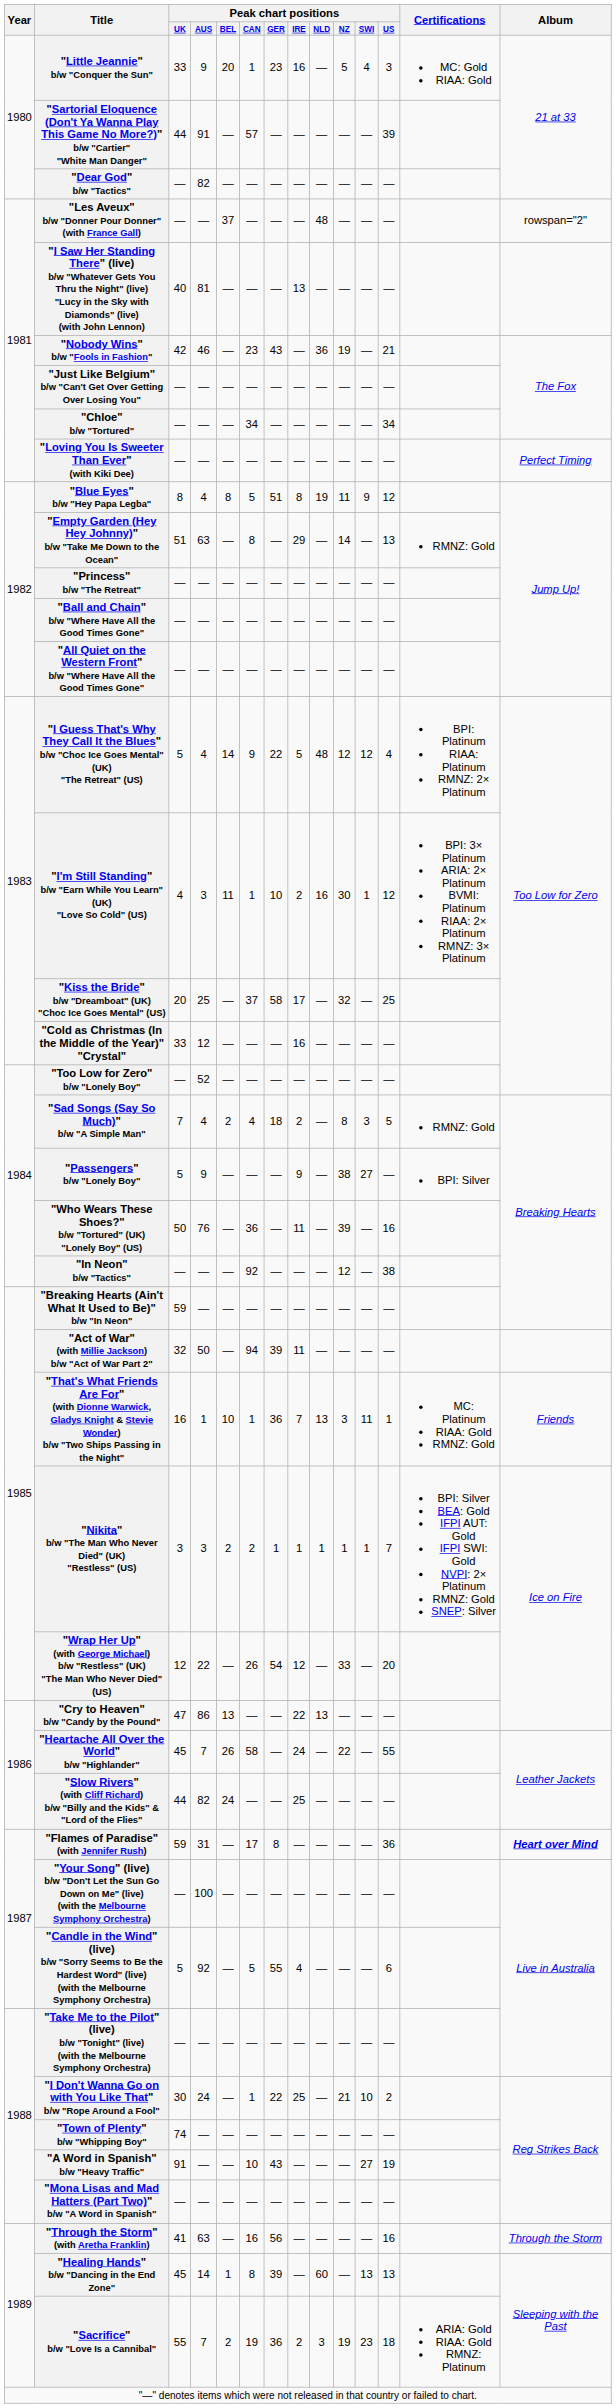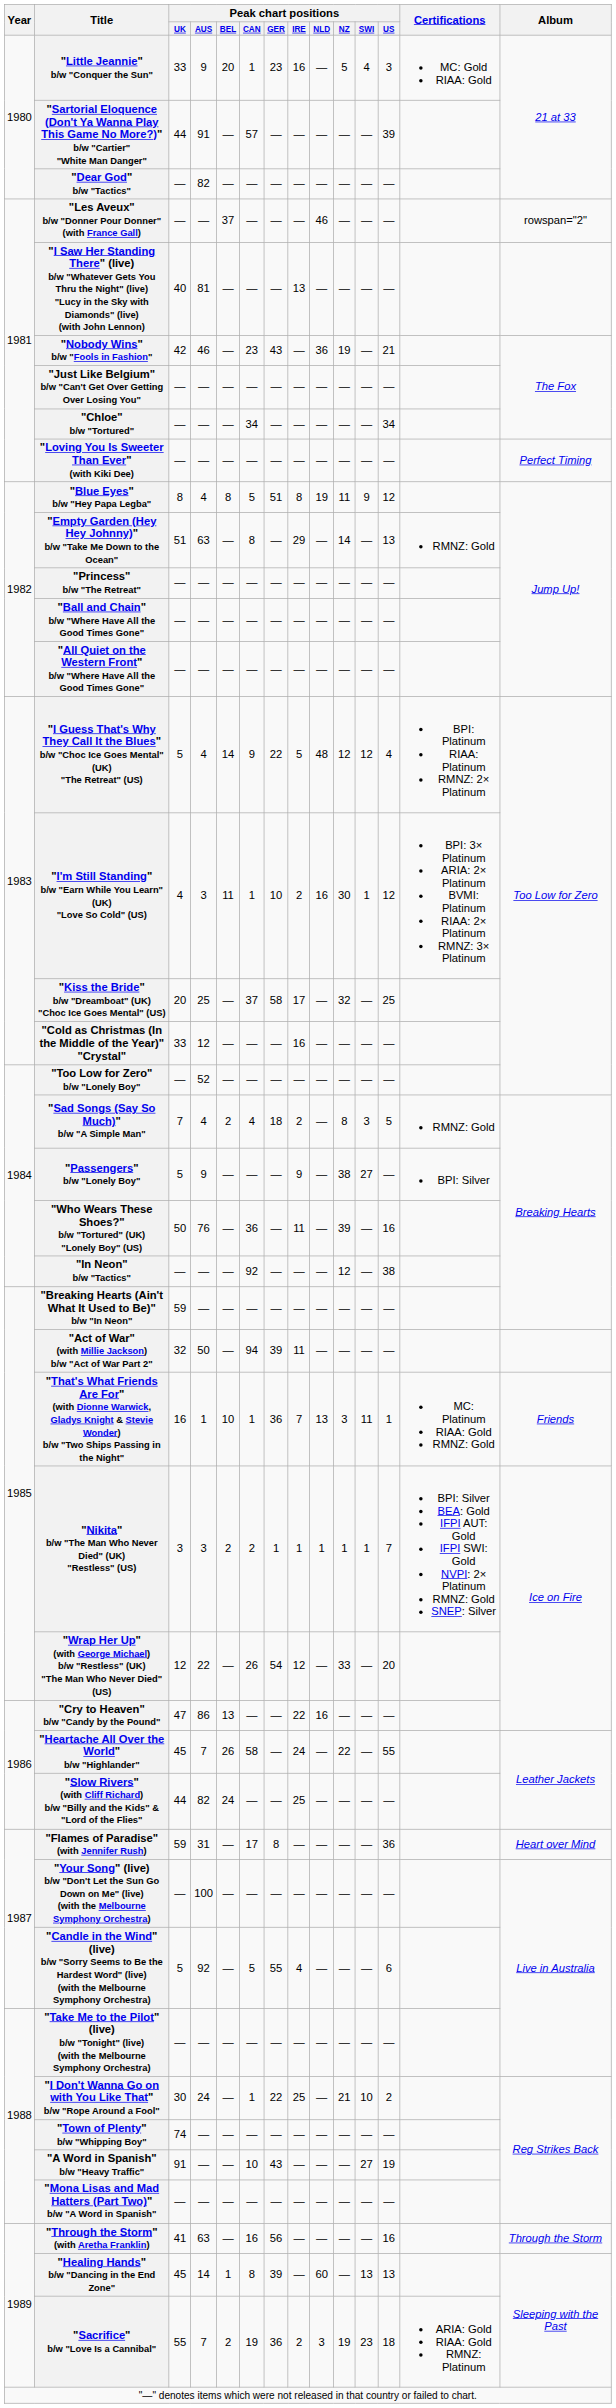 <table class="wikitable plainrowheaders" style="text-align:center;">
 <tr>
 <th scope="col" rowspan="2" style="width:1em;">Year</th>
 <th scope="col" rowspan="2" style="width:20em;">Title</th>
 <th scope="col" colspan="10">Peak chart positions</th>
 <th scope="col" rowspan="2" style="width:12em;"><a href='#'>Certifications</a></th>
 <th scope="col" rowspan="2" style="width:16em;">Album</th>
 </tr>
 <tr style="font-size:small;">
 <th scope="col" style="width:3em;font-size:90%"><a href='#'>UK</a><br></th>
 <th scope="col" style="width:3em;font-size:90%"><a href='#'>AUS</a><br></th>
 <th scope="col" style="width:3em;font-size:90%"><a href='#'>BEL</a><br></th>
 <th scope="col" style="width:3em;font-size:90%"><a href='#'>CAN</a><br></th>
 <th scope="col" style="width:3em;font-size:90%"><a href='#'>GER</a><br></th>
 <th scope="col" style="width:3em;font-size:90%"><a href='#'>IRE</a><br></th>
 <th scope="col" style="width:3em;font-size:90%"><a href='#'>NLD</a><br></th>
 <th scope="col" style="width:3em;font-size:90%"><a href='#'>NZ</a><br></th>
 <th scope="col" style="width:3em;font-size:90%"><a href='#'>SWI</a><br></th>
 <th scope="col" style="width:3em;font-size:90%"><a href='#'>US</a><br></th>
 </tr>
 <tr>
 <td rowspan="3">1980</td>
 <th scope="row">"<a href='#'>Little Jeannie</a>"<br><small>b/w "Conquer the Sun"</small></th>
 <td>33</td>
 <td>9</td>
 <td>20</td>
 <td>1</td>
 <td>23</td>
 <td>16</td>
 <td>—</td>
 <td>5</td>
 <td>4</td>
 <td>3</td>
 <td><br><ul><li>MC: Gold</li><li>RIAA: Gold</li></ul></td>
 <td rowspan="3"><em><a href='#'>21 at 33</a></em></td>
 </tr>
 <tr>
 <th scope="row">"<a href='#'>Sartorial Eloquence (Don't Ya Wanna Play This Game No More?)</a>"<br><small>b/w "Cartier"<br>"White Man Danger"</small></th>
 <td>44</td>
 <td>91</td>
 <td>—</td>
 <td>57</td>
 <td>—</td>
 <td>—</td>
 <td>—</td>
 <td>—</td>
 <td>—</td>
 <td>39</td>
 <td></td>
 </tr>
 <tr>
 <th scope="row">"<a href='#'>Dear God</a>"<br><small>b/w "Tactics"</small></th>
 <td>—</td>
 <td>82</td>
 <td>—</td>
 <td>—</td>
 <td>—</td>
 <td>—</td>
 <td>—</td>
 <td>—</td>
 <td>—</td>
 <td>—</td>
 <td></td>
 </tr>
 <tr>
 <td rowspan="6">1981</td>
 <th scope="row">"Les Aveux"<br><small>b/w "Donner Pour Donner" <br>(with <a href='#'>France Gall</a>)</small></th>
 <td>—</td>
 <td>—</td>
 <td>37</td>
 <td>—</td>
 <td>—</td>
 <td>—</td>
-<td>48</td>
+<td>46</td>
 <td>—</td>
 <td>—</td>
 <td>—</td>
 <td></td>
 <td>rowspan="2" </td>
 </tr>
 <tr>
 <th scope="row">"<a href='#'>I Saw Her Standing There</a>" (live) <br><small>b/w "Whatever Gets You Thru the Night" (live)<br>"Lucy in the Sky with Diamonds" (live)<br>(with John Lennon)</small></th>
 <td>40</td>
 <td>81</td>
 <td>—</td>
 <td>—</td>
 <td>—</td>
 <td>13</td>
 <td>—</td>
 <td>—</td>
 <td>—</td>
 <td>—</td>
 <td></td>
 </tr>
 <tr>
 <th scope="row">"<a href='#'>Nobody Wins</a>"<br><small>b/w "<a href='#'>Fools in Fashion</a>"</small></th>
 <td>42</td>
 <td>46</td>
 <td>—</td>
 <td>23</td>
 <td>43</td>
 <td>—</td>
 <td>36</td>
 <td>19</td>
 <td>—</td>
 <td>21</td>
 <td></td>
 <td rowspan="3"><em><a href='#'>The Fox</a></em></td>
 </tr>
 <tr>
 <th scope="row">"Just Like Belgium"<br><small>b/w "Can't Get Over Getting Over Losing You"</small></th>
 <td>—</td>
 <td>—</td>
 <td>—</td>
 <td>—</td>
 <td>—</td>
 <td>—</td>
 <td>—</td>
 <td>—</td>
 <td>—</td>
 <td>—</td>
 <td></td>
 </tr>
 <tr>
 <th scope="row">"Chloe"<br><small>b/w "Tortured"</small></th>
 <td>—</td>
 <td>—</td>
 <td>—</td>
 <td>34</td>
 <td>—</td>
 <td>—</td>
 <td>—</td>
 <td>—</td>
 <td>—</td>
 <td>34</td>
 <td></td>
 </tr>
 <tr>
 <th scope="row">"<a href='#'>Loving You Is Sweeter Than Ever</a>" <br><small>(with Kiki Dee)</small></th>
 <td>—</td>
 <td>—</td>
 <td>—</td>
 <td>—</td>
 <td>—</td>
 <td>—</td>
 <td>—</td>
 <td>—</td>
 <td>—</td>
 <td>—</td>
 <td></td>
 <td><em><a href='#'>Perfect Timing</a></em></td>
 </tr>
 <tr>
 <td rowspan="5">1982</td>
 <th scope="row">"<a href='#'>Blue Eyes</a>"<br><small>b/w "Hey Papa Legba"</small></th>
 <td>8</td>
 <td>4</td>
 <td>8</td>
 <td>5</td>
 <td>51</td>
 <td>8</td>
 <td>19</td>
 <td>11</td>
 <td>9</td>
 <td>12</td>
 <td></td>
 <td rowspan="5"><em><a href='#'>Jump Up!</a></em></td>
 </tr>
 <tr>
 <th scope="row">"<a href='#'>Empty Garden (Hey Hey Johnny)</a>"<br><small>b/w "Take Me Down to the Ocean"</small></th>
 <td>51</td>
 <td>63</td>
 <td>—</td>
 <td>8</td>
 <td>—</td>
 <td>29</td>
 <td>—</td>
 <td>14</td>
 <td>—</td>
 <td>13</td>
 <td><br><ul><li>RMNZ: Gold</li></ul></td>
 </tr>
 <tr>
 <th scope="row">"Princess"<br><small>b/w "The Retreat"</small></th>
 <td>—</td>
 <td>—</td>
 <td>—</td>
 <td>—</td>
 <td>—</td>
 <td>—</td>
 <td>—</td>
 <td>—</td>
 <td>—</td>
 <td>—</td>
 <td></td>
 </tr>
 <tr>
 <th scope="row">"<a href='#'>Ball and Chain</a>"<br><small>b/w "Where Have All the Good Times Gone"</small></th>
 <td>—</td>
 <td>—</td>
 <td>—</td>
 <td>—</td>
 <td>—</td>
 <td>—</td>
 <td>—</td>
 <td>—</td>
 <td>—</td>
 <td>—</td>
 <td></td>
 </tr>
 <tr>
 <th scope="row">"<a href='#'>All Quiet on the Western Front</a>"<br><small>b/w "Where Have All the Good Times Gone"</small></th>
 <td>—</td>
 <td>—</td>
 <td>—</td>
 <td>—</td>
 <td>—</td>
 <td>—</td>
 <td>—</td>
 <td>—</td>
 <td>—</td>
 <td>—</td>
 <td></td>
 </tr>
 <tr>
 <td rowspan="4">1983</td>
 <th scope="row">"<a href='#'>I Guess That's Why They Call It the Blues</a>"<br><small>b/w "Choc Ice Goes Mental" (UK)<br>"The Retreat" (US)</small></th>
 <td>5</td>
 <td>4</td>
 <td>14</td>
 <td>9</td>
 <td>22</td>
 <td>5</td>
 <td>48</td>
 <td>12</td>
 <td>12</td>
 <td>4</td>
 <td><br><ul><li>BPI: Platinum</li><li>RIAA: Platinum</li><li>RMNZ: 2× Platinum</li></ul></td>
 <td rowspan="5"><em><a href='#'>Too Low for Zero</a></em></td>
 </tr>
 <tr>
 <th scope="row">"<a href='#'>I'm Still Standing</a>"<br><small>b/w "Earn While You Learn" (UK)<br>"Love So Cold" (US)</small></th>
 <td>4</td>
 <td>3</td>
 <td>11</td>
 <td>1</td>
 <td>10</td>
 <td>2</td>
 <td>16</td>
 <td>30</td>
 <td>1</td>
 <td>12</td>
 <td><br><ul><li>BPI: 3× Platinum</li><li>ARIA: 2× Platinum</li><li>BVMI: Platinum</li><li>RIAA: 2× Platinum </li><li>RMNZ: 3× Platinum</li></ul></td>
 </tr>
 <tr>
 <th scope="row">"<a href='#'>Kiss the Bride</a>"<br><small>b/w "Dreamboat" (UK)<br>"Choc Ice Goes Mental" (US)</small></th>
 <td>20</td>
 <td>25</td>
 <td>—</td>
 <td>37</td>
 <td>58</td>
 <td>17</td>
 <td>—</td>
 <td>32</td>
 <td>—</td>
 <td>25</td>
 <td></td>
 </tr>
 <tr>
 <th scope="row">"Cold as Christmas (In the Middle of the Year)"<br>"Crystal"</th>
 <td>33</td>
 <td>12</td>
 <td>—</td>
 <td>—</td>
 <td>—</td>
 <td>16</td>
 <td>—</td>
 <td>—</td>
 <td>—</td>
 <td>—</td>
 <td></td>
 </tr>
 <tr>
 <td rowspan="5">1984</td>
 <th scope="row">"Too Low for Zero"<br><small>b/w "Lonely Boy"</small></th>
 <td>—</td>
 <td>52</td>
 <td>—</td>
 <td>—</td>
 <td>—</td>
 <td>—</td>
 <td>—</td>
 <td>—</td>
 <td>—</td>
 <td>—</td>
 <td></td>
 </tr>
 <tr>
 <th scope="row">"<a href='#'>Sad Songs (Say So Much)</a>"<br><small>b/w "A Simple Man"</small></th>
 <td>7</td>
 <td>4</td>
 <td>2</td>
 <td>4</td>
 <td>18</td>
 <td>2</td>
 <td>—</td>
 <td>8</td>
 <td>3</td>
 <td>5</td>
 <td><br><ul><li>RMNZ: Gold</li></ul></td>
 <td rowspan="5"><em><a href='#'>Breaking Hearts</a></em></td>
 </tr>
 <tr>
 <th scope="row">"<a href='#'>Passengers</a>"<br><small>b/w "Lonely Boy"</small></th>
 <td>5</td>
 <td>9</td>
 <td>—</td>
 <td>—</td>
 <td>—</td>
 <td>9</td>
 <td>—</td>
 <td>38</td>
 <td>27</td>
 <td>—</td>
 <td><br><ul><li>BPI: Silver</li></ul></td>
 </tr>
 <tr>
 <th scope="row">"Who Wears These Shoes?"<br><small>b/w "Tortured" (UK)<br>"Lonely Boy" (US)</small></th>
 <td>50</td>
 <td>76</td>
 <td>—</td>
 <td>36</td>
 <td>—</td>
 <td>11</td>
 <td>—</td>
 <td>39</td>
 <td>—</td>
 <td>16</td>
 <td></td>
 </tr>
 <tr>
 <th scope="row">"In Neon"<br><small>b/w "Tactics"</small></th>
 <td>—</td>
 <td>—</td>
 <td>—</td>
 <td>92</td>
 <td>—</td>
 <td>—</td>
 <td>—</td>
 <td>12</td>
 <td>—</td>
 <td>38</td>
 <td></td>
 </tr>
 <tr>
 <td rowspan="5">1985</td>
 <th scope="row">"Breaking Hearts (Ain't What It Used to Be)"<br><small>b/w "In Neon"</small></th>
 <td>59</td>
 <td>—</td>
 <td>—</td>
 <td>—</td>
 <td>—</td>
 <td>—</td>
 <td>—</td>
 <td>—</td>
 <td>—</td>
 <td>—</td>
 <td></td>
 </tr>
 <tr>
 <th scope="row">"Act of War"<br><small>(with <a href='#'>Millie Jackson</a>)<br>b/w "Act of War Part 2"</small></th>
 <td>32</td>
 <td>50</td>
 <td>—</td>
 <td>94</td>
 <td>39</td>
 <td>11</td>
 <td>—</td>
 <td>—</td>
 <td>—</td>
 <td>—</td>
 <td></td>
 <td></td>
 </tr>
 <tr>
 <th scope="row">"<a href='#'>That's What Friends Are For</a>" <br><small>(with <a href='#'>Dionne Warwick</a>, <a href='#'>Gladys Knight</a> & <a href='#'>Stevie Wonder</a>)<br>b/w "Two Ships Passing in the Night"</small></th>
 <td>16</td>
 <td>1</td>
 <td>10</td>
 <td>1</td>
 <td>36</td>
 <td>7</td>
 <td>13</td>
 <td>3</td>
 <td>11</td>
 <td>1</td>
 <td><br><ul><li>MC: Platinum</li><li>RIAA: Gold</li><li>RMNZ: Gold</li></ul></td>
 <td><em><a href='#'>Friends</a></em></td>
 </tr>
 <tr>
 <th scope="row">"<a href='#'>Nikita</a>"<br><small>b/w "The Man Who Never Died" (UK)<br>"Restless" (US)</small></th>
 <td>3</td>
 <td>3</td>
 <td>2</td>
 <td>2</td>
 <td>1</td>
 <td>1</td>
 <td>1</td>
 <td>1</td>
 <td>1</td>
 <td>7</td>
 <td><br><ul><li>BPI: Silver</li><li><a href='#'>BEA</a>: Gold</li><li><a href='#'>IFPI</a> AUT: Gold</li><li><a href='#'>IFPI</a> SWI: Gold</li><li><a href='#'>NVPI</a>: 2× Platinum</li><li>RMNZ: Gold</li><li><a href='#'>SNEP</a>: Silver</li></ul></td>
 <td rowspan="3"><em><a href='#'>Ice on Fire</a></em></td>
 </tr>
 <tr>
 <th scope="row">"<a href='#'>Wrap Her Up</a>"<br><small>(with <a href='#'>George Michael</a>)<br>b/w "Restless" (UK)<br>"The Man Who Never Died" (US)</small></th>
 <td>12</td>
 <td>22</td>
 <td>—</td>
 <td>26</td>
 <td>54</td>
 <td>12</td>
 <td>—</td>
 <td>33</td>
 <td>—</td>
 <td>20</td>
 <td></td>
 </tr>
 <tr>
 <td rowspan="3">1986</td>
 <th scope="row">"Cry to Heaven"<br><small>b/w "Candy by the Pound"</small></th>
 <td>47</td>
 <td>86</td>
 <td>13</td>
 <td>—</td>
 <td>—</td>
 <td>22</td>
-<td>13</td>
+<td>16</td>
 <td>—</td>
 <td>—</td>
 <td>—</td>
 <td></td>
 </tr>
 <tr>
 <th scope="row">"<a href='#'>Heartache All Over the World</a>"<br><small>b/w "Highlander"</small></th>
 <td>45</td>
 <td>7</td>
 <td>26</td>
 <td>58</td>
 <td>—</td>
 <td>24</td>
 <td>—</td>
 <td>22</td>
 <td>—</td>
 <td>55</td>
 <td></td>
 <td rowspan="2"><em><a href='#'>Leather Jackets</a></em></td>
 </tr>
 <tr>
 <th scope="row">"<a href='#'>Slow Rivers</a>"<br><small>(with <a href='#'>Cliff Richard</a>)<br>b/w "Billy and the Kids" & "Lord of the Flies"</small></th>
 <td>44</td>
 <td>82</td>
 <td>24</td>
 <td>—</td>
 <td>—</td>
 <td>25</td>
 <td>—</td>
 <td>—</td>
 <td>—</td>
 <td>—</td>
 <td></td>
 </tr>
 <tr>
 <td rowspan="3">1987</td>
 <th scope="row">"Flames of Paradise" <br><small>(with <a href='#'>Jennifer Rush</a>)</small></th>
 <td>59</td>
 <td>31</td>
 <td>—</td>
 <td>17</td>
 <td>8</td>
 <td>—</td>
 <td>—</td>
 <td>—</td>
 <td>—</td>
 <td>36</td>
 <td></td>
-<td><strong><em><a href='#'>Heart over Mind</a></em></strong></td>
+<td><em><a href='#'>Heart over Mind</a></em></td>
 </tr>
 <tr>
 <th scope="row">"<a href='#'>Your Song</a>" (live)<br><small>b/w "Don't Let the Sun Go Down on Me" (live)<br>(with the <a href='#'>Melbourne Symphony Orchestra</a>)</small></th>
 <td>—</td>
 <td>100</td>
 <td>—</td>
 <td>—</td>
 <td>—</td>
 <td>—</td>
 <td>—</td>
 <td>—</td>
 <td>—</td>
 <td>—</td>
 <td></td>
 <td rowspan="3"><em><a href='#'>Live in Australia</a></em></td>
 </tr>
 <tr>
 <th scope="row">"<a href='#'>Candle in the Wind</a>" (live)<br><small>b/w "Sorry Seems to Be the Hardest Word" (live)<br>(with the Melbourne Symphony Orchestra)</small></th>
 <td>5</td>
 <td>92</td>
 <td>—</td>
 <td>5</td>
 <td>55</td>
 <td>4</td>
 <td>—</td>
 <td>—</td>
 <td>—</td>
 <td>6</td>
 <td></td>
 </tr>
 <tr>
 <td rowspan="5">1988</td>
 <th scope="row">"<a href='#'>Take Me to the Pilot</a>" (live)<br><small>b/w "Tonight" (live)<br>(with the Melbourne Symphony Orchestra)</small></th>
 <td>—</td>
 <td>—</td>
 <td>—</td>
 <td>—</td>
 <td>—</td>
 <td>—</td>
 <td>—</td>
 <td>—</td>
 <td>—</td>
 <td>—</td>
 <td></td>
 </tr>
 <tr>
 <th scope="row">"<a href='#'>I Don't Wanna Go on with You Like That</a>"<br><small>b/w "Rope Around a Fool"</small></th>
 <td>30</td>
 <td>24</td>
 <td>—</td>
 <td>1</td>
 <td>22</td>
 <td>25</td>
 <td>—</td>
 <td>21</td>
 <td>10</td>
 <td>2</td>
 <td></td>
 <td rowspan="4"><em><a href='#'>Reg Strikes Back</a></em></td>
 </tr>
 <tr>
 <th scope="row">"<a href='#'>Town of Plenty</a>"<br><small>b/w "Whipping Boy"</small></th>
 <td>74</td>
 <td>—</td>
 <td>—</td>
 <td>—</td>
 <td>—</td>
 <td>—</td>
 <td>—</td>
 <td>—</td>
 <td>—</td>
 <td>—</td>
 <td></td>
 </tr>
 <tr>
 <th scope="row">"A Word in Spanish"<br><small>b/w "Heavy Traffic"</small></th>
 <td>91</td>
 <td>—</td>
 <td>—</td>
 <td>10</td>
 <td>43</td>
 <td>—</td>
 <td>—</td>
 <td>—</td>
 <td>27</td>
 <td>19</td>
 <td></td>
 </tr>
 <tr>
 <th scope="row">"<a href='#'>Mona Lisas and Mad Hatters (Part Two)</a>"<br><small>b/w "A Word in Spanish"</small></th>
 <td>—</td>
 <td>—</td>
 <td>—</td>
 <td>—</td>
 <td>—</td>
 <td>—</td>
 <td>—</td>
 <td>—</td>
 <td>—</td>
 <td>—</td>
 <td></td>
 </tr>
 <tr>
 <td rowspan="3">1989</td>
 <th scope="row">"<a href='#'>Through the Storm</a>" <br><small>(with <a href='#'>Aretha Franklin</a>)</small></th>
 <td>41</td>
 <td>63</td>
 <td>—</td>
 <td>16</td>
 <td>56</td>
 <td>—</td>
 <td>—</td>
 <td>—</td>
 <td>—</td>
 <td>16</td>
 <td></td>
 <td><em><a href='#'>Through the Storm</a></em></td>
 </tr>
 <tr>
 <th scope="row">"<a href='#'>Healing Hands</a>"<br><small>b/w "Dancing in the End Zone"</small></th>
 <td>45</td>
 <td>14</td>
 <td>1</td>
 <td>8</td>
 <td>39</td>
 <td>—</td>
 <td>60</td>
 <td>—</td>
 <td>13</td>
 <td>13</td>
 <td></td>
 <td rowspan="2"><em><a href='#'>Sleeping with the Past</a></em></td>
 </tr>
 <tr>
 <th scope="row">"<a href='#'>Sacrifice</a>"<br><small>b/w "Love Is a Cannibal"</small></th>
 <td>55</td>
 <td>7</td>
 <td>2</td>
 <td>19</td>
 <td>36</td>
 <td>2</td>
 <td>3</td>
 <td>19</td>
 <td>23</td>
 <td>18</td>
 <td><br><ul><li>ARIA: Gold</li><li>RIAA: Gold</li><li>RMNZ: Platinum</li></ul></td>
 </tr>
 <tr>
 <td colspan="16"  style="text-align:center; font-size:90%;">"—" denotes items which were not released in that country or failed to chart.</td>
 </tr>
 </table>
